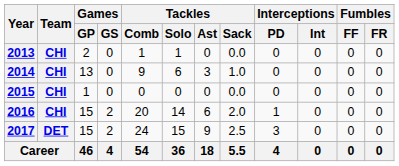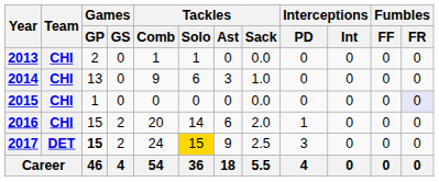 <table class= "wikitable" float="left" border="1" style="text-align:center; width:45%;">
 <tr>
 <th rowspan="2">Year</th>
 <th rowspan="2">Team</th>
 <th colspan="2">Games</th>
 <th colspan="4">Tackles</th>
 <th colspan="2">Interceptions</th>
 <th colspan="2">Fumbles</th>
 </tr>
 <tr>
 <th>GP</th>
 <th>GS</th>
 <th>Comb</th>
 <th>Solo</th>
 <th>Ast</th>
 <th>Sack</th>
 <th>PD</th>
 <th>Int</th>
 <th>FF</th>
 <th>FR</th>
 </tr>
 <tr>
 <th><a href='#'>2013</a></th>
 <th><a href='#'>CHI</a></th>
 <td>2</td>
 <td>0</td>
 <td>1</td>
 <td>1</td>
 <td>0</td>
 <td>0.0</td>
 <td>0</td>
 <td>0</td>
 <td>0</td>
 <td>0</td>
 </tr>
 <tr>
 <th><a href='#'>2014</a></th>
 <th><a href='#'>CHI</a></th>
 <td>13</td>
 <td>0</td>
 <td>9</td>
 <td>6</td>
 <td>3</td>
 <td>1.0</td>
 <td>0</td>
 <td>0</td>
 <td>0</td>
 <td>0</td>
 </tr>
 <tr>
 <th><a href='#'>2015</a></th>
 <th><a href='#'>CHI</a></th>
 <td>1</td>
 <td>0</td>
 <td>0</td>
 <td>0</td>
 <td>0</td>
 <td>0.0</td>
 <td>0</td>
 <td>0</td>
 <td>0</td>
-<td>0</td>
+<td style="background: lavender;">0</td>
 </tr>
 <tr>
 <th><a href='#'>2016</a></th>
 <th><a href='#'>CHI</a></th>
 <td>15</td>
 <td>2</td>
 <td>20</td>
 <td>14</td>
 <td>6</td>
 <td>2.0</td>
 <td>1</td>
 <td>0</td>
 <td>0</td>
 <td>0</td>
 </tr>
 <tr>
 <th><a href='#'>2017</a></th>
 <th><a href='#'>DET</a></th>
-<td>15</td>
+<td><strong>15</strong></td>
 <td>2</td>
 <td>24</td>
-<td>15</td>
+<td style="background: gold;">15</td>
 <td>9</td>
 <td>2.5</td>
 <td>3</td>
 <td>0</td>
 <td>0</td>
 <td>0</td>
 </tr>
 <tr>
 <th colspan="2">Career</th>
 <th>46</th>
 <th>4</th>
 <th>54</th>
 <th>36</th>
 <th>18</th>
 <th>5.5</th>
 <th>4</th>
 <th>0</th>
 <th>0</th>
 <th>0</th>
 </tr>
 </table>
